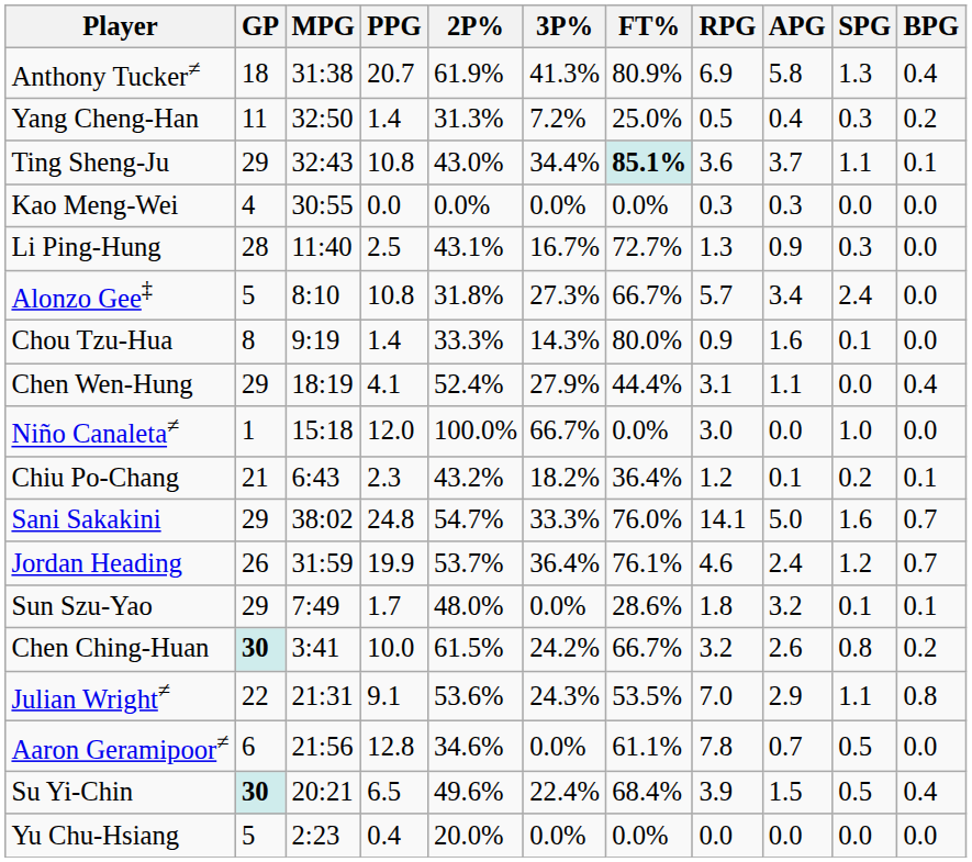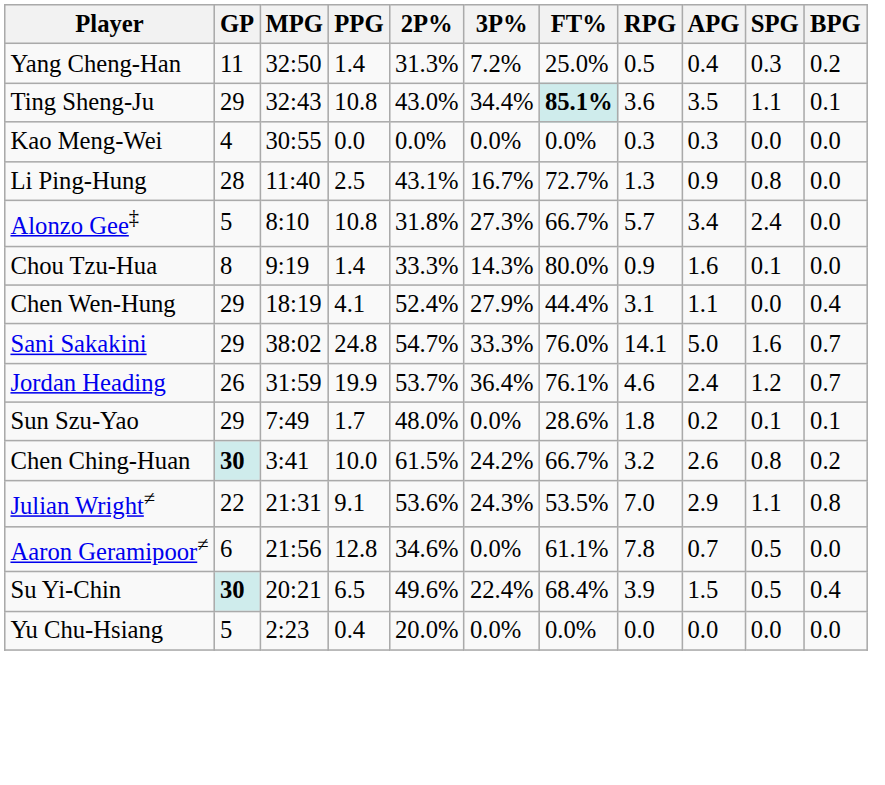 <table class="wikitable">
 <tr>
 <th>Player</th>
 <th>GP</th>
 <th>MPG</th>
 <th>PPG</th>
 <th>2P%</th>
 <th>3P%</th>
 <th>FT%</th>
 <th>RPG</th>
 <th>APG</th>
 <th>SPG</th>
 <th>BPG</th>
-</tr>
-<tr>
-<td>Anthony Tucker<sup>≠</sup></td>
-<td>18</td>
-<td>31:38</td>
-<td>20.7</td>
-<td>61.9%</td>
-<td>41.3%</td>
-<td>80.9%</td>
-<td>6.9</td>
-<td>5.8</td>
-<td>1.3</td>
-<td>0.4</td>
 </tr>
 <tr>
 <td>Yang Cheng-Han</td>
 <td>11</td>
 <td>32:50</td>
 <td>1.4</td>
 <td>31.3%</td>
 <td>7.2%</td>
 <td>25.0%</td>
 <td>0.5</td>
 <td>0.4</td>
 <td>0.3</td>
 <td>0.2</td>
 </tr>
 <tr>
 <td>Ting Sheng-Ju</td>
 <td>29</td>
 <td>32:43</td>
 <td>10.8</td>
 <td>43.0%</td>
 <td>34.4%</td>
 <td style="background-color: #CFECEC"><strong>85.1%</strong></td>
 <td>3.6</td>
-<td>3.7</td>
+<td>3.5</td>
 <td>1.1</td>
 <td>0.1</td>
 </tr>
 <tr>
 <td>Kao Meng-Wei</td>
 <td>4</td>
 <td>30:55</td>
 <td>0.0</td>
 <td>0.0%</td>
 <td>0.0%</td>
 <td>0.0%</td>
 <td>0.3</td>
 <td>0.3</td>
 <td>0.0</td>
 <td>0.0</td>
 </tr>
 <tr>
 <td>Li Ping-Hung</td>
 <td>28</td>
 <td>11:40</td>
 <td>2.5</td>
 <td>43.1%</td>
 <td>16.7%</td>
 <td>72.7%</td>
 <td>1.3</td>
 <td>0.9</td>
-<td>0.3</td>
+<td>0.8</td>
 <td>0.0</td>
 </tr>
 <tr>
 <td><a href='#'>Alonzo Gee</a><sup>‡</sup></td>
 <td>5</td>
 <td>8:10</td>
 <td>10.8</td>
 <td>31.8%</td>
 <td>27.3%</td>
 <td>66.7%</td>
 <td>5.7</td>
 <td>3.4</td>
 <td>2.4</td>
 <td>0.0</td>
 </tr>
 <tr>
 <td>Chou Tzu-Hua</td>
 <td>8</td>
 <td>9:19</td>
 <td>1.4</td>
 <td>33.3%</td>
 <td>14.3%</td>
 <td>80.0%</td>
 <td>0.9</td>
 <td>1.6</td>
 <td>0.1</td>
 <td>0.0</td>
 </tr>
 <tr>
 <td>Chen Wen-Hung</td>
 <td>29</td>
 <td>18:19</td>
 <td>4.1</td>
 <td>52.4%</td>
 <td>27.9%</td>
 <td>44.4%</td>
 <td>3.1</td>
 <td>1.1</td>
 <td>0.0</td>
 <td>0.4</td>
 </tr>
 <tr>
-<td><a href='#'>Niño Canaleta</a><sup>≠</sup></td>
-<td>1</td>
-<td>15:18</td>
-<td>12.0</td>
-<td>100.0%</td>
-<td>66.7%</td>
-<td>0.0%</td>
-<td>3.0</td>
-<td>0.0</td>
-<td>1.0</td>
-<td>0.0</td>
-</tr>
-<tr>
-<td>Chiu Po-Chang</td>
-<td>21</td>
-<td>6:43</td>
-<td>2.3</td>
-<td>43.2%</td>
-<td>18.2%</td>
-<td>36.4%</td>
-<td>1.2</td>
-<td>0.1</td>
-<td>0.2</td>
-<td>0.1</td>
-</tr>
-<tr>
 <td><a href='#'>Sani Sakakini</a></td>
 <td>29</td>
 <td>38:02</td>
 <td>24.8</td>
 <td>54.7%</td>
 <td>33.3%</td>
 <td>76.0%</td>
 <td>14.1</td>
 <td>5.0</td>
 <td>1.6</td>
 <td>0.7</td>
 </tr>
 <tr>
 <td><a href='#'>Jordan Heading</a></td>
 <td>26</td>
 <td>31:59</td>
 <td>19.9</td>
 <td>53.7%</td>
 <td>36.4%</td>
 <td>76.1%</td>
 <td>4.6</td>
 <td>2.4</td>
 <td>1.2</td>
 <td>0.7</td>
 </tr>
 <tr>
 <td>Sun Szu-Yao</td>
 <td>29</td>
 <td>7:49</td>
 <td>1.7</td>
 <td>48.0%</td>
 <td>0.0%</td>
 <td>28.6%</td>
 <td>1.8</td>
-<td>3.2</td>
+<td>0.2</td>
 <td>0.1</td>
 <td>0.1</td>
 </tr>
 <tr>
 <td>Chen Ching-Huan</td>
 <td style="background-color: #CFECEC"><strong>30</strong></td>
 <td>3:41</td>
 <td>10.0</td>
 <td>61.5%</td>
 <td>24.2%</td>
 <td>66.7%</td>
 <td>3.2</td>
 <td>2.6</td>
 <td>0.8</td>
 <td>0.2</td>
 </tr>
 <tr>
 <td><a href='#'>Julian Wright</a><sup>≠</sup></td>
 <td>22</td>
 <td>21:31</td>
 <td>9.1</td>
 <td>53.6%</td>
 <td>24.3%</td>
 <td>53.5%</td>
 <td>7.0</td>
 <td>2.9</td>
 <td>1.1</td>
 <td>0.8</td>
 </tr>
 <tr>
 <td><a href='#'>Aaron Geramipoor</a><sup>≠</sup></td>
 <td>6</td>
 <td>21:56</td>
 <td>12.8</td>
 <td>34.6%</td>
 <td>0.0%</td>
 <td>61.1%</td>
 <td>7.8</td>
 <td>0.7</td>
 <td>0.5</td>
 <td>0.0</td>
 </tr>
 <tr>
 <td>Su Yi-Chin</td>
 <td style="background-color: #CFECEC"><strong>30</strong></td>
 <td>20:21</td>
 <td>6.5</td>
 <td>49.6%</td>
 <td>22.4%</td>
 <td>68.4%</td>
 <td>3.9</td>
 <td>1.5</td>
 <td>0.5</td>
 <td>0.4</td>
 </tr>
 <tr>
 <td>Yu Chu-Hsiang</td>
 <td>5</td>
 <td>2:23</td>
 <td>0.4</td>
 <td>20.0%</td>
 <td>0.0%</td>
 <td>0.0%</td>
 <td>0.0</td>
 <td>0.0</td>
 <td>0.0</td>
 <td>0.0</td>
 </tr>
 </table>
